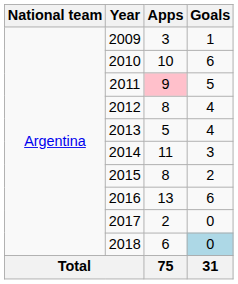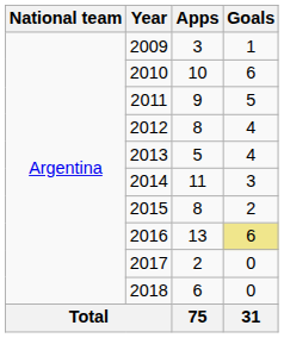 <table class="wikitable" style="text-align:center">
 <tr>
 <th>National team</th>
 <th>Year</th>
 <th>Apps</th>
 <th>Goals</th>
 </tr>
 <tr>
 <td rowspan="10"><a href='#'>Argentina</a></td>
 <td>2009</td>
 <td>3</td>
 <td>1</td>
 </tr>
 <tr>
 <td>2010</td>
 <td>10</td>
 <td>6</td>
 </tr>
 <tr>
 <td>2011</td>
-<td style="background: pink;">9</td>
+<td>9</td>
 <td>5</td>
 </tr>
 <tr>
 <td>2012</td>
 <td>8</td>
 <td>4</td>
 </tr>
 <tr>
 <td>2013</td>
 <td>5</td>
 <td>4</td>
 </tr>
 <tr>
 <td>2014</td>
 <td>11</td>
 <td>3</td>
 </tr>
 <tr>
 <td>2015</td>
 <td>8</td>
 <td>2</td>
 </tr>
 <tr>
 <td>2016</td>
 <td>13</td>
-<td>6</td>
+<td style="background: khaki;">6</td>
 </tr>
 <tr>
 <td>2017</td>
 <td>2</td>
 <td>0</td>
 </tr>
 <tr>
 <td>2018</td>
 <td>6</td>
-<td style="background: lightblue;">0</td>
+<td>0</td>
 </tr>
 <tr>
 <th colspan="2">Total</th>
 <th>75</th>
 <th>31</th>
 </tr>
 </table>
